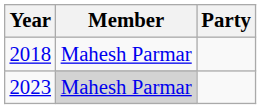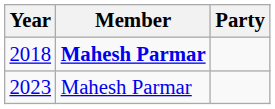 <table class="wikitable sortable">
 <tr>
 <th>Year</th>
 <th>Member</th>
 <th colspan=2>Party</th>
 </tr>
 <tr>
 <td><a href='#'>2018</a></td>
-<td><a href='#'>Mahesh Parmar</a></td>
+<td><strong><a href='#'>Mahesh Parmar</a></strong></td>
 <td></td>
 </tr>
 <tr>
 <td><a href='#'>2023</a></td>
-<td style="background: lightgrey;"><a href='#'>Mahesh Parmar</a></td>
+<td><a href='#'>Mahesh Parmar</a></td>
 <td></td>
 </tr>
 </table>
